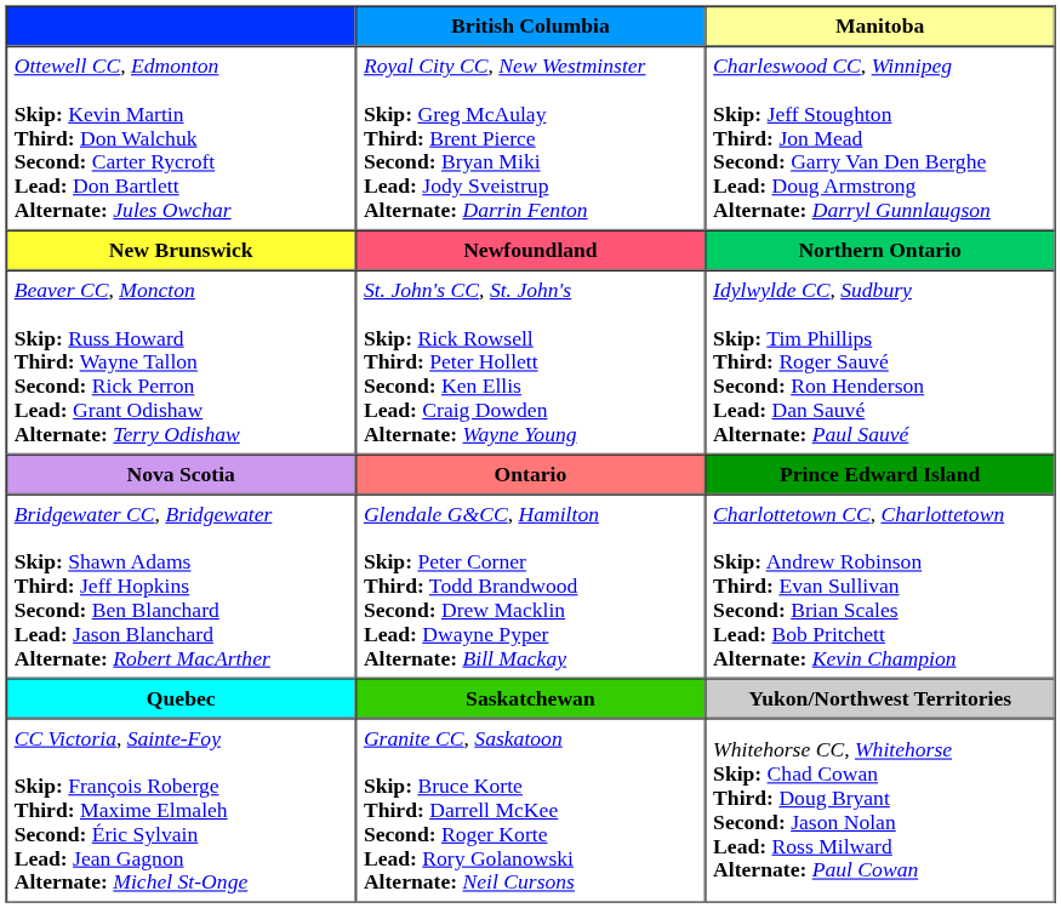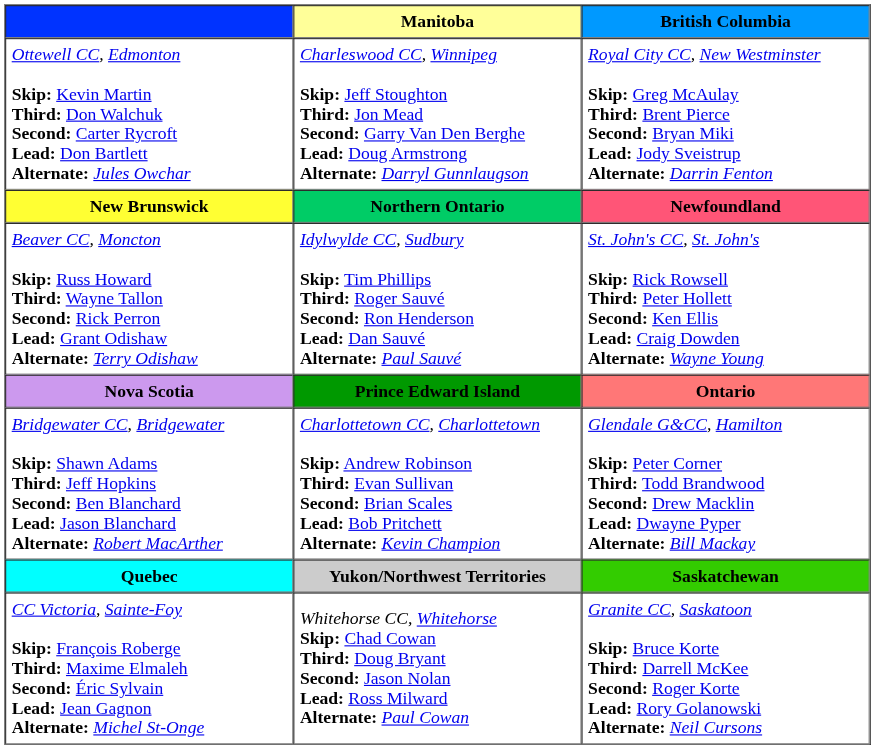 <table border=1 cellpadding=5 cellspacing=0>
 <tr>
 <th bgcolor="#0033ff" width="250"></th>
+<th bgcolor="#ffff99" width="250">Manitoba</th>
 <th bgcolor="#0099ff" width="250">British Columbia</th>
-<th bgcolor="#ffff99" width="250">Manitoba</th>
 </tr>
 <tr align=center>
 <td align=left><em><a href='#'>Ottewell CC</a>, <a href='#'>Edmonton</a></em><br><br><strong>Skip:</strong> <a href='#'>Kevin Martin</a><br> <strong>Third:</strong> <a href='#'>Don Walchuk</a><br> <strong>Second:</strong> <a href='#'>Carter Rycroft</a><br> <strong>Lead:</strong> <a href='#'>Don Bartlett</a><br> <strong>Alternate:</strong> <em><a href='#'>Jules Owchar</a></em></td>
+<td align=left><em><a href='#'>Charleswood CC</a>, <a href='#'>Winnipeg</a></em><br><br><strong>Skip:</strong> <a href='#'>Jeff Stoughton</a> <br> <strong>Third:</strong> <a href='#'>Jon Mead</a><br> <strong>Second:</strong> <a href='#'>Garry Van Den Berghe</a><br> <strong>Lead:</strong> <a href='#'>Doug Armstrong</a> <br> <strong>Alternate:</strong> <em><a href='#'>Darryl Gunnlaugson</a></em></td>
 <td align=left><em><a href='#'>Royal City CC</a>, <a href='#'>New Westminster</a></em><br><br><strong>Skip:</strong> <a href='#'>Greg McAulay</a><br> <strong>Third:</strong> <a href='#'>Brent Pierce</a><br> <strong>Second:</strong> <a href='#'>Bryan Miki</a><br> <strong>Lead:</strong> <a href='#'>Jody Sveistrup</a> <br> <strong>Alternate:</strong> <em><a href='#'>Darrin Fenton</a></em></td>
-<td align=left><em><a href='#'>Charleswood CC</a>, <a href='#'>Winnipeg</a></em><br><br><strong>Skip:</strong> <a href='#'>Jeff Stoughton</a> <br> <strong>Third:</strong> <a href='#'>Jon Mead</a><br> <strong>Second:</strong> <a href='#'>Garry Van Den Berghe</a><br> <strong>Lead:</strong> <a href='#'>Doug Armstrong</a> <br> <strong>Alternate:</strong> <em><a href='#'>Darryl Gunnlaugson</a></em></td>
 </tr>
 <tr border=1 cellpadding=5 cellspacing=0>
 <th bgcolor="#ffff33" width="250">New Brunswick</th>
+<th bgcolor="#00CC66" width="250">Northern Ontario</th>
 <th bgcolor="#ff5577" width="250">Newfoundland</th>
-<th bgcolor="#00CC66" width="250">Northern Ontario</th>
 </tr>
 <tr align=center>
 <td align=left><em><a href='#'>Beaver CC</a>, <a href='#'>Moncton</a></em><br><br><strong>Skip:</strong> <a href='#'>Russ Howard</a><br> <strong>Third:</strong> <a href='#'>Wayne Tallon</a><br> <strong>Second:</strong> <a href='#'>Rick Perron</a><br> <strong>Lead:</strong> <a href='#'>Grant Odishaw</a><br> <strong>Alternate:</strong> <em><a href='#'>Terry Odishaw</a></em></td>
+<td align=left><em><a href='#'>Idylwylde CC</a>, <a href='#'>Sudbury</a></em><br><br><strong>Skip:</strong> <a href='#'>Tim Phillips</a><br> <strong>Third:</strong> <a href='#'>Roger Sauvé</a><br> <strong>Second:</strong> <a href='#'>Ron Henderson</a><br> <strong>Lead:</strong> <a href='#'>Dan Sauvé</a><br> <strong>Alternate:</strong> <em><a href='#'>Paul Sauvé</a></em></td>
 <td align=left><em><a href='#'>St. John's CC</a>, <a href='#'>St. John's</a></em><br><br><strong>Skip:</strong> <a href='#'>Rick Rowsell</a><br> <strong>Third:</strong> <a href='#'>Peter Hollett</a><br> <strong>Second:</strong> <a href='#'>Ken Ellis</a><br> <strong>Lead:</strong> <a href='#'>Craig Dowden</a><br> <strong>Alternate:</strong> <em><a href='#'>Wayne Young</a></em></td>
-<td align=left><em><a href='#'>Idylwylde CC</a>, <a href='#'>Sudbury</a></em><br><br><strong>Skip:</strong> <a href='#'>Tim Phillips</a><br> <strong>Third:</strong> <a href='#'>Roger Sauvé</a><br> <strong>Second:</strong> <a href='#'>Ron Henderson</a><br> <strong>Lead:</strong> <a href='#'>Dan Sauvé</a><br> <strong>Alternate:</strong> <em><a href='#'>Paul Sauvé</a></em></td>
 </tr>
 <tr border=1 cellpadding=5 cellspacing=0>
 <th bgcolor="#cc99ee" width="250">Nova Scotia</th>
+<th bgcolor="#009900" width="250">Prince Edward Island</th>
 <th bgcolor="#ff7777" width="250">Ontario</th>
-<th bgcolor="#009900" width="250">Prince Edward Island</th>
 </tr>
 <tr align=center>
 <td align=left><em><a href='#'>Bridgewater CC</a>, <a href='#'>Bridgewater</a></em><br><br><strong>Skip:</strong>  <a href='#'>Shawn Adams</a><br>  <strong>Third:</strong> <a href='#'>Jeff Hopkins</a><br> <strong>Second:</strong> <a href='#'>Ben Blanchard</a><br> <strong>Lead:</strong> <a href='#'>Jason Blanchard</a><br> <strong>Alternate:</strong> <em><a href='#'>Robert MacArther</a></em></td>
+<td align=left><em><a href='#'>Charlottetown CC</a>, <a href='#'>Charlottetown</a></em><br><br><strong>Skip:</strong> <a href='#'>Andrew Robinson</a><br> <strong>Third:</strong> <a href='#'>Evan Sullivan</a><br> <strong>Second:</strong> <a href='#'>Brian Scales</a><br> <strong>Lead:</strong> <a href='#'>Bob Pritchett</a><br> <strong>Alternate:</strong> <em><a href='#'>Kevin Champion</a></em></td>
 <td align=left><em><a href='#'>Glendale G&CC</a>, <a href='#'>Hamilton</a></em><br><br><strong>Skip:</strong> <a href='#'>Peter Corner</a><br> <strong>Third:</strong> <a href='#'>Todd Brandwood</a><br> <strong>Second:</strong> <a href='#'>Drew Macklin</a><br> <strong>Lead:</strong> <a href='#'>Dwayne Pyper</a><br> <strong>Alternate:</strong> <em><a href='#'>Bill Mackay</a></em></td>
-<td align=left><em><a href='#'>Charlottetown CC</a>, <a href='#'>Charlottetown</a></em><br><br><strong>Skip:</strong> <a href='#'>Andrew Robinson</a><br> <strong>Third:</strong> <a href='#'>Evan Sullivan</a><br> <strong>Second:</strong> <a href='#'>Brian Scales</a><br> <strong>Lead:</strong> <a href='#'>Bob Pritchett</a><br> <strong>Alternate:</strong> <em><a href='#'>Kevin Champion</a></em></td>
 </tr>
 <tr border=1 cellpadding=5 cellspacing=0>
 <th bgcolor="#00ffff" width="250">Quebec</th>
+<th bgcolor="#cccccc" width="250">Yukon/Northwest Territories</th>
 <th bgcolor="#33cc00" width="250">Saskatchewan</th>
-<th bgcolor="#cccccc" width="250">Yukon/Northwest Territories</th>
 </tr>
 <tr align=center>
 <td align=left><em><a href='#'>CC Victoria</a>, <a href='#'>Sainte-Foy</a></em><br><br><strong>Skip:</strong> <a href='#'>François Roberge</a><br> <strong>Third:</strong> <a href='#'>Maxime Elmaleh</a><br> <strong>Second:</strong> <a href='#'>Éric Sylvain</a><br> <strong>Lead:</strong> <a href='#'>Jean Gagnon</a><br> <strong>Alternate:</strong> <em><a href='#'>Michel St-Onge</a></em></td>
+<td align=left><em>Whitehorse CC, <a href='#'>Whitehorse</a></em><br><strong>Skip:</strong> <a href='#'>Chad Cowan</a><br> <strong>Third:</strong> <a href='#'>Doug Bryant</a><br> <strong>Second:</strong> <a href='#'>Jason Nolan</a><br> <strong>Lead:</strong> <a href='#'>Ross Milward</a><br> <strong>Alternate:</strong> <em><a href='#'>Paul Cowan</a></em></td>
 <td align=left><em><a href='#'>Granite CC</a>, <a href='#'>Saskatoon</a></em><br><br><strong>Skip:</strong> <a href='#'>Bruce Korte</a><br> <strong>Third:</strong> <a href='#'>Darrell McKee</a><br> <strong>Second:</strong> <a href='#'>Roger Korte</a><br> <strong>Lead:</strong> <a href='#'>Rory Golanowski</a><br> <strong>Alternate:</strong> <em><a href='#'>Neil Cursons</a></em></td>
-<td align=left><em>Whitehorse CC, <a href='#'>Whitehorse</a></em><br><strong>Skip:</strong> <a href='#'>Chad Cowan</a><br> <strong>Third:</strong> <a href='#'>Doug Bryant</a><br> <strong>Second:</strong> <a href='#'>Jason Nolan</a><br> <strong>Lead:</strong> <a href='#'>Ross Milward</a><br> <strong>Alternate:</strong> <em><a href='#'>Paul Cowan</a></em></td>
 </tr>
 </table>
